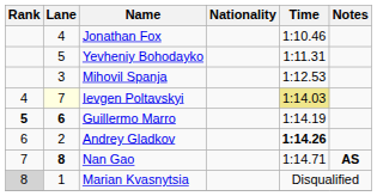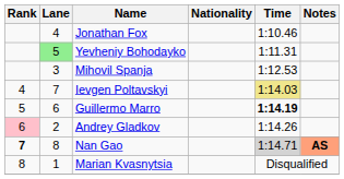 <table class="wikitable">
 <tr>
 <th>Rank</th>
 <th>Lane</th>
 <th>Name</th>
 <th>Nationality</th>
 <th>Time</th>
 <th>Notes</th>
 </tr>
 <tr>
 <td align=center></td>
 <td align=center>4</td>
 <td><a href='#'>Jonathan Fox</a></td>
 <td></td>
 <td align=center>1:10.46</td>
 <td align=center></td>
 </tr>
 <tr>
 <td align=center></td>
-<td align=center>5</td>
+<td align=center style="background: lightgreen;">5</td>
 <td><a href='#'>Yevheniy Bohodayko</a></td>
 <td></td>
 <td align=center>1:11.31</td>
 <td align=center></td>
 </tr>
 <tr>
 <td align=center></td>
 <td align=center>3</td>
 <td><a href='#'>Mihovil Spanja</a></td>
 <td></td>
 <td align=center>1:12.53</td>
 <td align=center></td>
 </tr>
 <tr>
 <td align=center>4</td>
-<td align=center style="background: lightyellow;">7</td>
+<td align=center>7</td>
 <td><a href='#'>Ievgen Poltavskyi</a></td>
 <td></td>
 <td align=center style="background: khaki;">1:14.03</td>
 <td align=center></td>
 </tr>
 <tr>
-<td align=center><strong>5</strong></td>
-<td align=center><strong>6</strong></td>
+<td align=center>5</td>
+<td align=center>6</td>
 <td><a href='#'>Guillermo Marro</a></td>
 <td></td>
-<td align=center>1:14.19</td>
+<td align=center><strong>1:14.19</strong></td>
 <td align=center></td>
 </tr>
 <tr>
-<td align=center>6</td>
+<td align=center style="background: pink;">6</td>
 <td align=center>2</td>
 <td><a href='#'>Andrey Gladkov</a></td>
 <td></td>
-<td align=center><strong>1:14.26</strong></td>
+<td align=center>1:14.26</td>
 <td align=center></td>
 </tr>
 <tr>
-<td align=center>7</td>
-<td align=center><strong>8</strong></td>
+<td align=center><strong>7</strong></td>
+<td align=center>8</td>
 <td><a href='#'>Nan Gao</a></td>
 <td></td>
-<td align=center>1:14.71</td>
-<td align=center><strong>AS</strong></td>
+<td align=center style="background: lightgrey;">1:14.71</td>
+<td align=center style="background: lightsalmon;"><strong>AS</strong></td>
 </tr>
 <tr>
-<td align=center style="background: lightgrey;">8</td>
+<td align=center>8</td>
 <td align=center>1</td>
 <td><a href='#'>Marian Kvasnytsia</a></td>
 <td></td>
 <td align=center colspan=2>Disqualified</td>
 </tr>
 <tr>
 </tr>
 </table>
